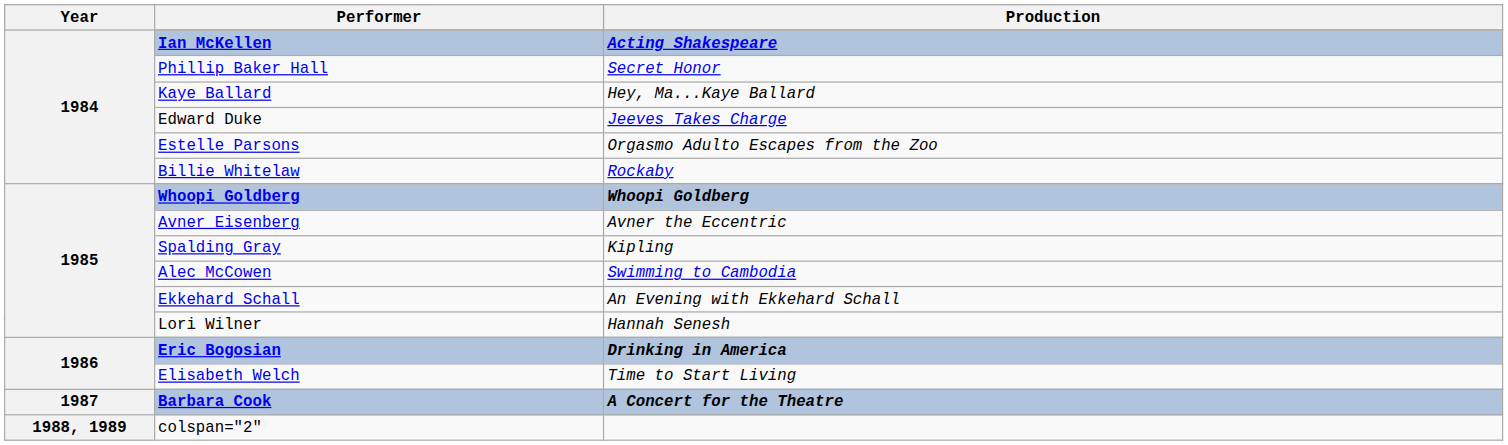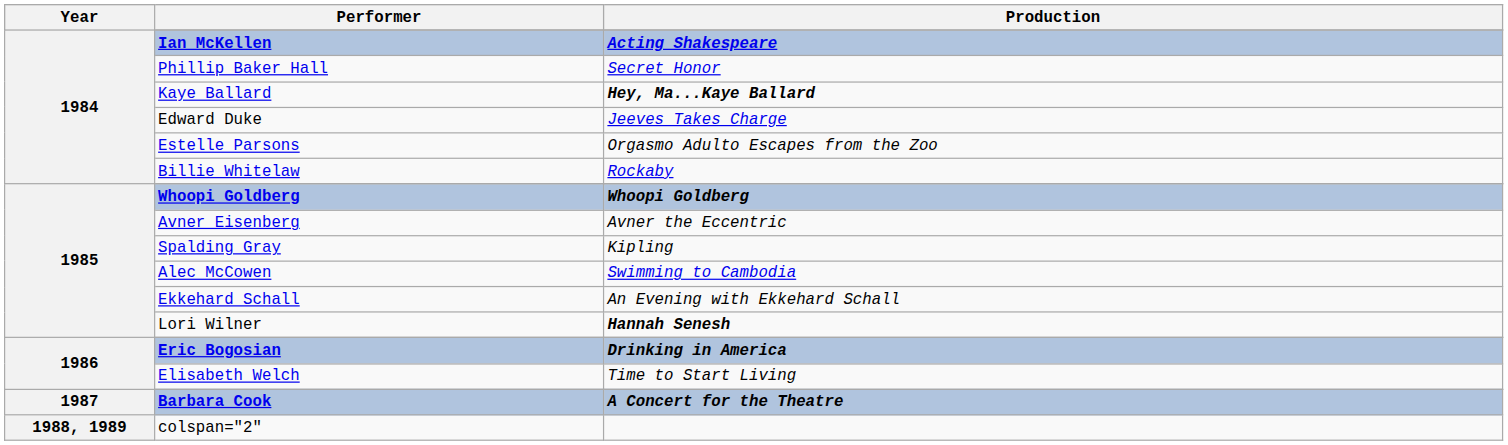 <table class="wikitable" style="width:98%;">
 <tr style="background:#bebebe;">
 <th style="width:10%;">Year</th>
 <th style="width:30%;">Performer</th>
 <th style="width:60%;">Production</th>
 </tr>
 <tr>
 <th rowspan="7">1984</th>
 </tr>
 <tr style="background:#B0C4DE">
 <td><strong><a href='#'>Ian McKellen</a></strong></td>
 <td><strong><em><a href='#'>Acting Shakespeare</a></em></strong></td>
 </tr>
 <tr>
 <td><a href='#'>Phillip Baker Hall</a></td>
 <td><em><a href='#'>Secret Honor</a></em></td>
 </tr>
 <tr>
 <td><a href='#'>Kaye Ballard</a></td>
-<td><em>Hey, Ma...Kaye Ballard</em></td>
+<td><strong><em>Hey, Ma...Kaye Ballard</em></strong></td>
 </tr>
 <tr>
 <td>Edward Duke</td>
 <td><em><a href='#'>Jeeves Takes Charge</a></em></td>
 </tr>
 <tr>
 <td><a href='#'>Estelle Parsons</a></td>
 <td><em>Orgasmo Adulto Escapes from the Zoo</em></td>
 </tr>
 <tr>
 <td><a href='#'>Billie Whitelaw</a></td>
 <td><em><a href='#'>Rockaby</a></em></td>
 </tr>
 <tr>
 <th rowspan="7">1985</th>
 </tr>
 <tr style="background:#B0C4DE">
 <td><strong><a href='#'>Whoopi Goldberg</a></strong></td>
 <td><strong><em>Whoopi Goldberg</em></strong></td>
 </tr>
 <tr>
 <td><a href='#'>Avner Eisenberg</a></td>
 <td><em>Avner the Eccentric</em></td>
 </tr>
 <tr>
 <td><a href='#'>Spalding Gray</a></td>
 <td><em>Kipling</em></td>
 </tr>
 <tr>
 <td><a href='#'>Alec McCowen</a></td>
 <td><em><a href='#'>Swimming to Cambodia</a></em></td>
 </tr>
 <tr>
 <td><a href='#'>Ekkehard Schall</a></td>
 <td><em>An Evening with Ekkehard Schall</em></td>
 </tr>
 <tr>
 <td>Lori Wilner</td>
-<td><em>Hannah Senesh</em></td>
+<td><strong><em>Hannah Senesh</em></strong></td>
 </tr>
 <tr>
 <th rowspan="3">1986</th>
 </tr>
 <tr style="background:#B0C4DE">
 <td><strong><a href='#'>Eric Bogosian</a></strong></td>
 <td><strong><em>Drinking in America</em></strong></td>
 </tr>
 <tr>
 <td><a href='#'>Elisabeth Welch</a></td>
 <td><em>Time to Start Living</em></td>
 </tr>
 <tr>
 <th rowspan="2">1987</th>
 </tr>
 <tr style="background:#B0C4DE">
 <td><strong><a href='#'>Barbara Cook</a></strong></td>
 <td><strong><em>A Concert for the Theatre</em></strong></td>
 </tr>
 <tr>
 <th>1988, 1989</th>
 <td>colspan="2" </td>
 </tr>
 </table>
